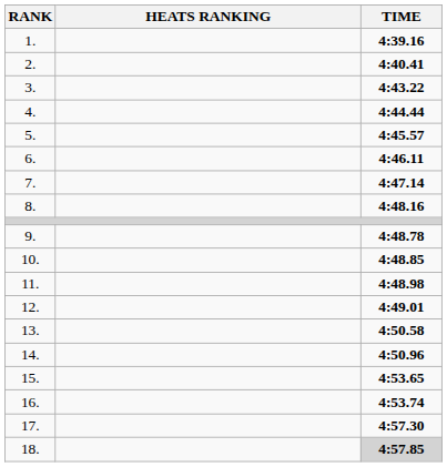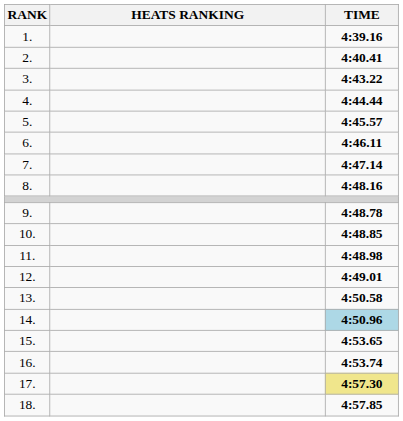 <table class="wikitable">
 <tr>
 <th>RANK</th>
 <th style="width: 20em">HEATS RANKING</th>
 <th style="width: 5em">TIME</th>
 </tr>
 <tr>
 <td align="center">1.</td>
 <td></td>
 <td align="center"><strong>4:39.16 </strong></td>
 </tr>
 <tr>
 <td align="center">2.</td>
 <td></td>
 <td align="center"><strong>4:40.41 </strong></td>
 </tr>
 <tr>
 <td align="center">3.</td>
 <td></td>
 <td align="center"><strong>4:43.22 </strong></td>
 </tr>
 <tr>
 <td align="center">4.</td>
 <td></td>
 <td align="center"><strong>4:44.44 </strong></td>
 </tr>
 <tr>
 <td align="center">5.</td>
 <td></td>
 <td align="center"><strong>4:45.57 </strong></td>
 </tr>
 <tr>
 <td align="center">6.</td>
 <td></td>
 <td align="center"><strong>4:46.11 </strong></td>
 </tr>
 <tr>
 <td align="center">7.</td>
 <td></td>
 <td align="center"><strong>4:47.14 </strong></td>
 </tr>
 <tr>
 <td align="center">8.</td>
 <td></td>
 <td align="center"><strong>4:48.16 </strong></td>
 </tr>
 <tr>
 <td colspan=3 bgcolor=lightgray></td>
 </tr>
 <tr>
 <td align="center">9.</td>
 <td></td>
 <td align="center"><strong>4:48.78</strong></td>
 </tr>
 <tr>
 <td align="center">10.</td>
 <td></td>
 <td align="center"><strong>4:48.85</strong></td>
 </tr>
 <tr>
 <td align="center">11.</td>
 <td></td>
 <td align="center"><strong>4:48.98</strong></td>
 </tr>
 <tr>
 <td align="center">12.</td>
 <td></td>
 <td align="center"><strong>4:49.01 </strong></td>
 </tr>
 <tr>
 <td align="center">13.</td>
 <td></td>
 <td align="center"><strong>4:50.58 </strong></td>
 </tr>
 <tr>
 <td align="center">14.</td>
 <td></td>
-<td align="center"><strong>4:50.96 </strong></td>
+<td align="center" style="background: lightblue;"><strong>4:50.96 </strong></td>
 </tr>
 <tr>
 <td align="center">15.</td>
 <td></td>
 <td align="center"><strong>4:53.65</strong></td>
 </tr>
 <tr>
 <td align="center">16.</td>
 <td></td>
 <td align="center"><strong>4:53.74 </strong></td>
 </tr>
 <tr>
 <td align="center">17.</td>
 <td></td>
-<td align="center"><strong>4:57.30</strong></td>
+<td align="center" style="background: khaki;"><strong>4:57.30</strong></td>
 </tr>
 <tr>
 <td align="center">18.</td>
 <td></td>
-<td align="center" style="background: lightgrey;"><strong>4:57.85</strong></td>
+<td align="center"><strong>4:57.85</strong></td>
 </tr>
 </table>
